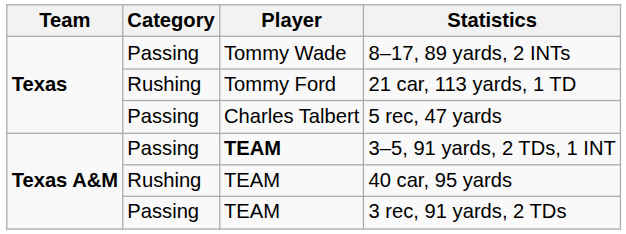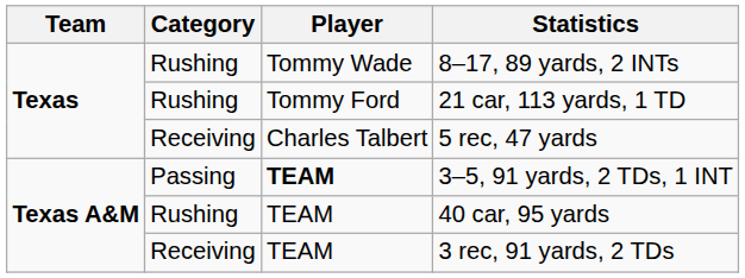 <table class="wikitable" style="float: right;">
 <tr>
 <th>Team</th>
 <th>Category</th>
 <th>Player</th>
 <th>Statistics</th>
 </tr>
 <tr>
 <td rowspan=3><strong>Texas</strong></td>
-<td>Passing</td>
+<td>Rushing</td>
 <td>Tommy Wade</td>
 <td>8–17, 89 yards, 2 INTs</td>
 </tr>
 <tr>
 <td>Rushing</td>
 <td>Tommy Ford</td>
 <td>21 car, 113 yards, 1 TD</td>
 </tr>
 <tr>
-<td>Passing</td>
+<td>Receiving</td>
 <td>Charles Talbert</td>
 <td>5 rec, 47 yards</td>
 </tr>
 <tr>
 <td rowspan=3><strong>Texas A&M</strong></td>
 <td>Passing</td>
 <td><strong>TEAM</strong></td>
 <td>3–5, 91 yards, 2 TDs, 1 INT</td>
 </tr>
 <tr>
 <td>Rushing</td>
 <td>TEAM</td>
 <td>40 car, 95 yards</td>
 </tr>
 <tr>
-<td>Passing</td>
+<td>Receiving</td>
 <td>TEAM</td>
 <td>3 rec, 91 yards, 2 TDs</td>
 </tr>
 </table>
